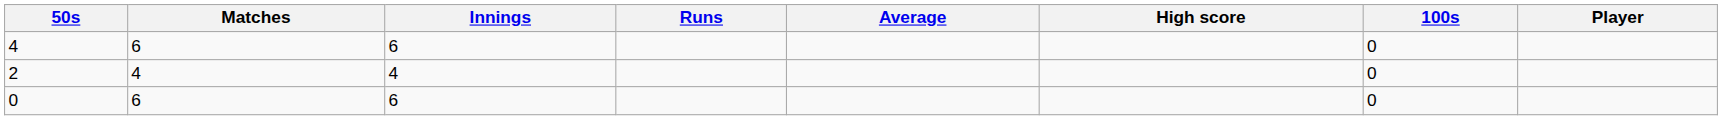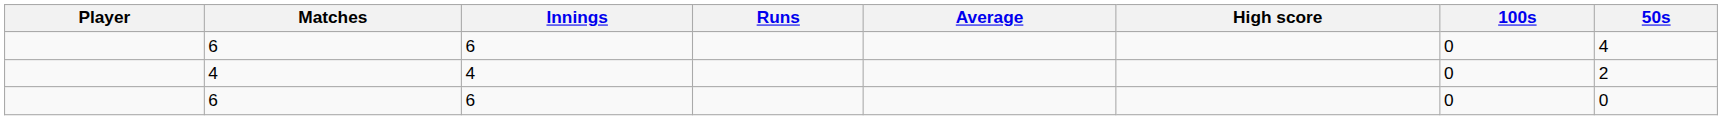 <table class="wikitable sortable" style="width:80%;">
 <tr>
-<th><a href='#'>50s</a></th>
+<th>Player</th>
 <th>Matches</th>
 <th><a href='#'>Innings</a></th>
 <th><a href='#'>Runs</a></th>
 <th><a href='#'>Average</a></th>
 <th>High score</th>
 <th><a href='#'>100s</a></th>
-<th>Player</th>
+<th><a href='#'>50s</a></th>
 </tr>
 <tr>
-<td>4</td>
+<td></td>
 <td>6</td>
 <td>6</td>
 <td></td>
 <td></td>
 <td></td>
 <td>0</td>
-<td></td>
+<td>4</td>
 </tr>
 <tr>
-<td>2</td>
+<td></td>
 <td>4</td>
 <td>4</td>
 <td></td>
 <td></td>
 <td></td>
 <td>0</td>
-<td></td>
+<td>2</td>
 </tr>
 <tr>
-<td>0</td>
+<td></td>
 <td>6</td>
 <td>6</td>
 <td></td>
 <td></td>
 <td></td>
 <td>0</td>
-<td></td>
+<td>0</td>
 </tr>
 </table>
